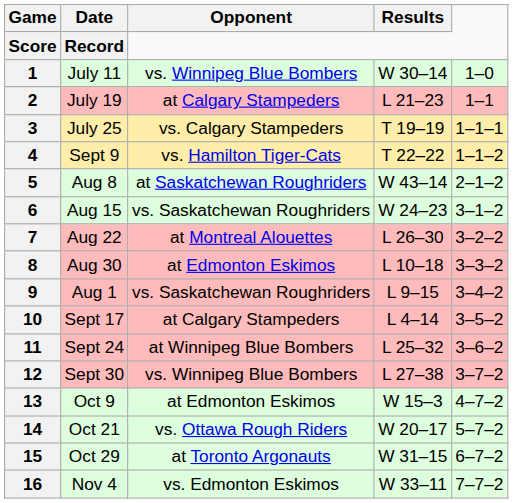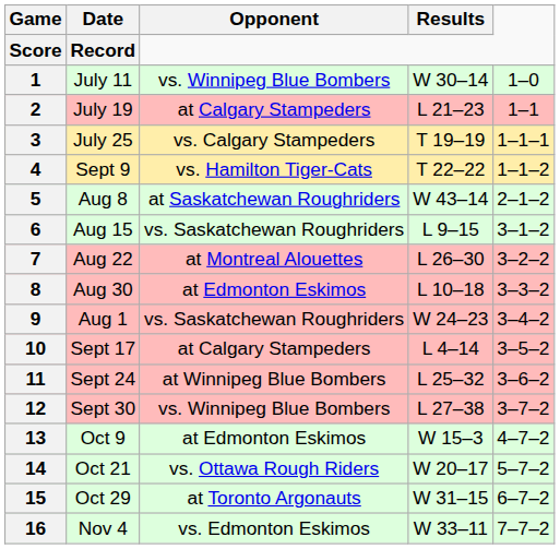 <table class="wikitable" style="text-align:center">
 <tr>
 <th>Game</th>
 <th>Date</th>
 <th>Opponent</th>
 <th>Results</th>
 </tr>
 <tr>
 <th>Score</th>
 <th>Record</th>
 </tr>
 <tr style="background:#ddffdd">
 <th>1</th>
 <td>July 11</td>
 <td>vs. <a href='#'>Winnipeg Blue Bombers</a></td>
 <td>W 30–14</td>
 <td>1–0</td>
 </tr>
 <tr style="background:#ffbbbb">
 <th>2</th>
 <td>July 19</td>
 <td>at <a href='#'>Calgary Stampeders</a></td>
 <td>L 21–23</td>
 <td>1–1</td>
 </tr>
 <tr style="background:#ffeeaa">
 <th>3</th>
 <td>July 25</td>
 <td>vs. Calgary Stampeders</td>
 <td>T 19–19</td>
 <td>1–1–1</td>
 </tr>
 <tr style="background:#ffeeaa">
 <th>4</th>
 <td>Sept 9</td>
 <td>vs. <a href='#'>Hamilton Tiger-Cats</a></td>
 <td>T 22–22</td>
 <td>1–1–2</td>
 </tr>
 <tr style="background:#ddffdd">
 <th>5</th>
 <td>Aug 8</td>
 <td>at <a href='#'>Saskatchewan Roughriders</a></td>
 <td>W 43–14</td>
 <td>2–1–2</td>
 </tr>
 <tr style="background:#ddffdd">
 <th>6</th>
 <td>Aug 15</td>
 <td>vs. Saskatchewan Roughriders</td>
-<td>W 24–23</td>
+<td>L 9–15</td>
 <td>3–1–2</td>
 </tr>
 <tr style="background:#ffbbbb">
 <th>7</th>
 <td>Aug 22</td>
 <td>at <a href='#'>Montreal Alouettes</a></td>
 <td>L 26–30</td>
 <td>3–2–2</td>
 </tr>
 <tr style="background:#ffbbbb">
 <th>8</th>
 <td>Aug 30</td>
 <td>at <a href='#'>Edmonton Eskimos</a></td>
 <td>L 10–18</td>
 <td>3–3–2</td>
 </tr>
 <tr style="background:#ffbbbb">
 <th>9</th>
 <td>Aug 1</td>
 <td>vs. Saskatchewan Roughriders</td>
-<td>L 9–15</td>
+<td>W 24–23</td>
 <td>3–4–2</td>
 </tr>
 <tr style="background:#ffbbbb">
 <th>10</th>
 <td>Sept 17</td>
 <td>at Calgary Stampeders</td>
 <td>L 4–14</td>
 <td>3–5–2</td>
 </tr>
 <tr style="background:#ffbbbb">
 <th>11</th>
 <td>Sept 24</td>
 <td>at Winnipeg Blue Bombers</td>
 <td>L 25–32</td>
 <td>3–6–2</td>
 </tr>
 <tr style="background:#ffbbbb">
 <th>12</th>
 <td>Sept 30</td>
 <td>vs. Winnipeg Blue Bombers</td>
 <td>L 27–38</td>
 <td>3–7–2</td>
 </tr>
 <tr style="background:#ddffdd">
 <th>13</th>
 <td>Oct 9</td>
 <td>at Edmonton Eskimos</td>
 <td>W 15–3</td>
 <td>4–7–2</td>
 </tr>
 <tr style="background:#ddffdd">
 <th>14</th>
 <td>Oct 21</td>
 <td>vs. <a href='#'>Ottawa Rough Riders</a></td>
 <td>W 20–17</td>
 <td>5–7–2</td>
 </tr>
 <tr style="background:#ddffdd">
 <th>15</th>
 <td>Oct 29</td>
 <td>at <a href='#'>Toronto Argonauts</a></td>
 <td>W 31–15</td>
 <td>6–7–2</td>
 </tr>
 <tr style="background:#ddffdd">
 <th>16</th>
 <td>Nov 4</td>
 <td>vs. Edmonton Eskimos</td>
 <td>W 33–11</td>
 <td>7–7–2</td>
 </tr>
 </table>
